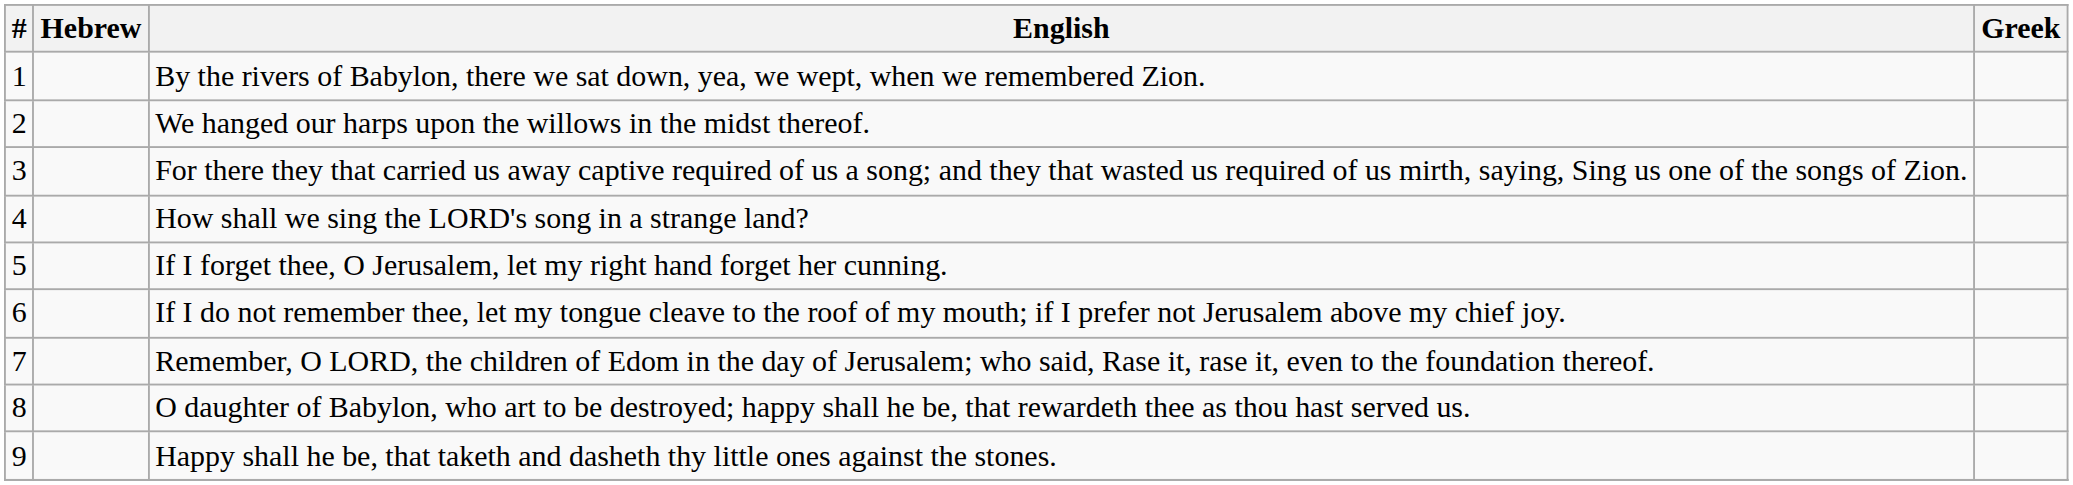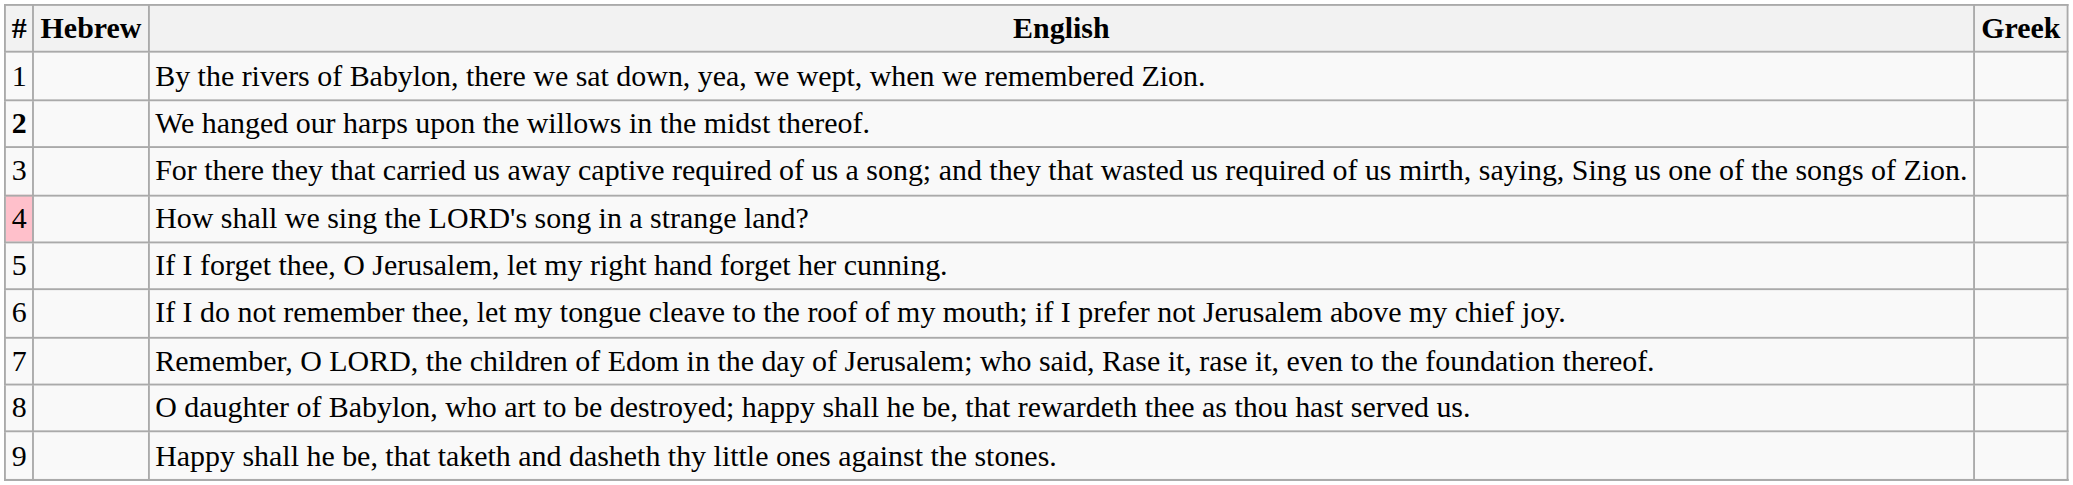 <table class=wikitable>
 <tr>
 <th>#</th>
 <th>Hebrew</th>
 <th>English</th>
 <th>Greek</th>
 </tr>
 <tr>
 <td style="text-align:right">1</td>
 <td style="text-align:right"></td>
 <td>By the rivers of Babylon, there we sat down, yea, we wept, when we remembered Zion.</td>
 <td></td>
 </tr>
 <tr>
-<td style="text-align:right">2</td>
+<td style="text-align:right"><strong>2</strong></td>
 <td style="text-align:right"></td>
 <td>We hanged our harps upon the willows in the midst thereof.</td>
 <td></td>
 </tr>
 <tr>
 <td style="text-align:right">3</td>
 <td style="text-align:right"></td>
 <td>For there they that carried us away captive required of us a song; and they that wasted us required of us mirth, saying, Sing us one of the songs of Zion.</td>
 <td></td>
 </tr>
 <tr>
-<td style="text-align:right">4</td>
+<td style="background: pink; text-align:right">4</td>
 <td style="text-align:right"></td>
 <td>How shall we sing the LORD's song in a strange land?</td>
 <td></td>
 </tr>
 <tr>
 <td style="text-align:right">5</td>
 <td style="text-align:right"></td>
 <td>If I forget thee, O Jerusalem, let my right hand forget her cunning.</td>
 <td></td>
 </tr>
 <tr>
 <td style="text-align:right">6</td>
 <td style="text-align:right"></td>
 <td>If I do not remember thee, let my tongue cleave to the roof of my mouth; if I prefer not Jerusalem above my chief joy.</td>
 <td></td>
 </tr>
 <tr>
 <td style="text-align:right">7</td>
 <td style="text-align:right"></td>
 <td>Remember, O LORD, the children of Edom in the day of Jerusalem; who said, Rase it, rase it, even to the foundation thereof.</td>
 <td></td>
 </tr>
 <tr>
 <td style="text-align:right">8</td>
 <td style="text-align:right"></td>
 <td>O daughter of Babylon, who art to be destroyed; happy shall he be, that rewardeth thee as thou hast served us.</td>
 <td></td>
 </tr>
 <tr>
 <td style="text-align:right">9</td>
 <td style="text-align:right"></td>
 <td>Happy shall he be, that taketh and dasheth thy little ones against the stones.</td>
 <td></td>
 </tr>
 <tr>
 </tr>
 </table>
